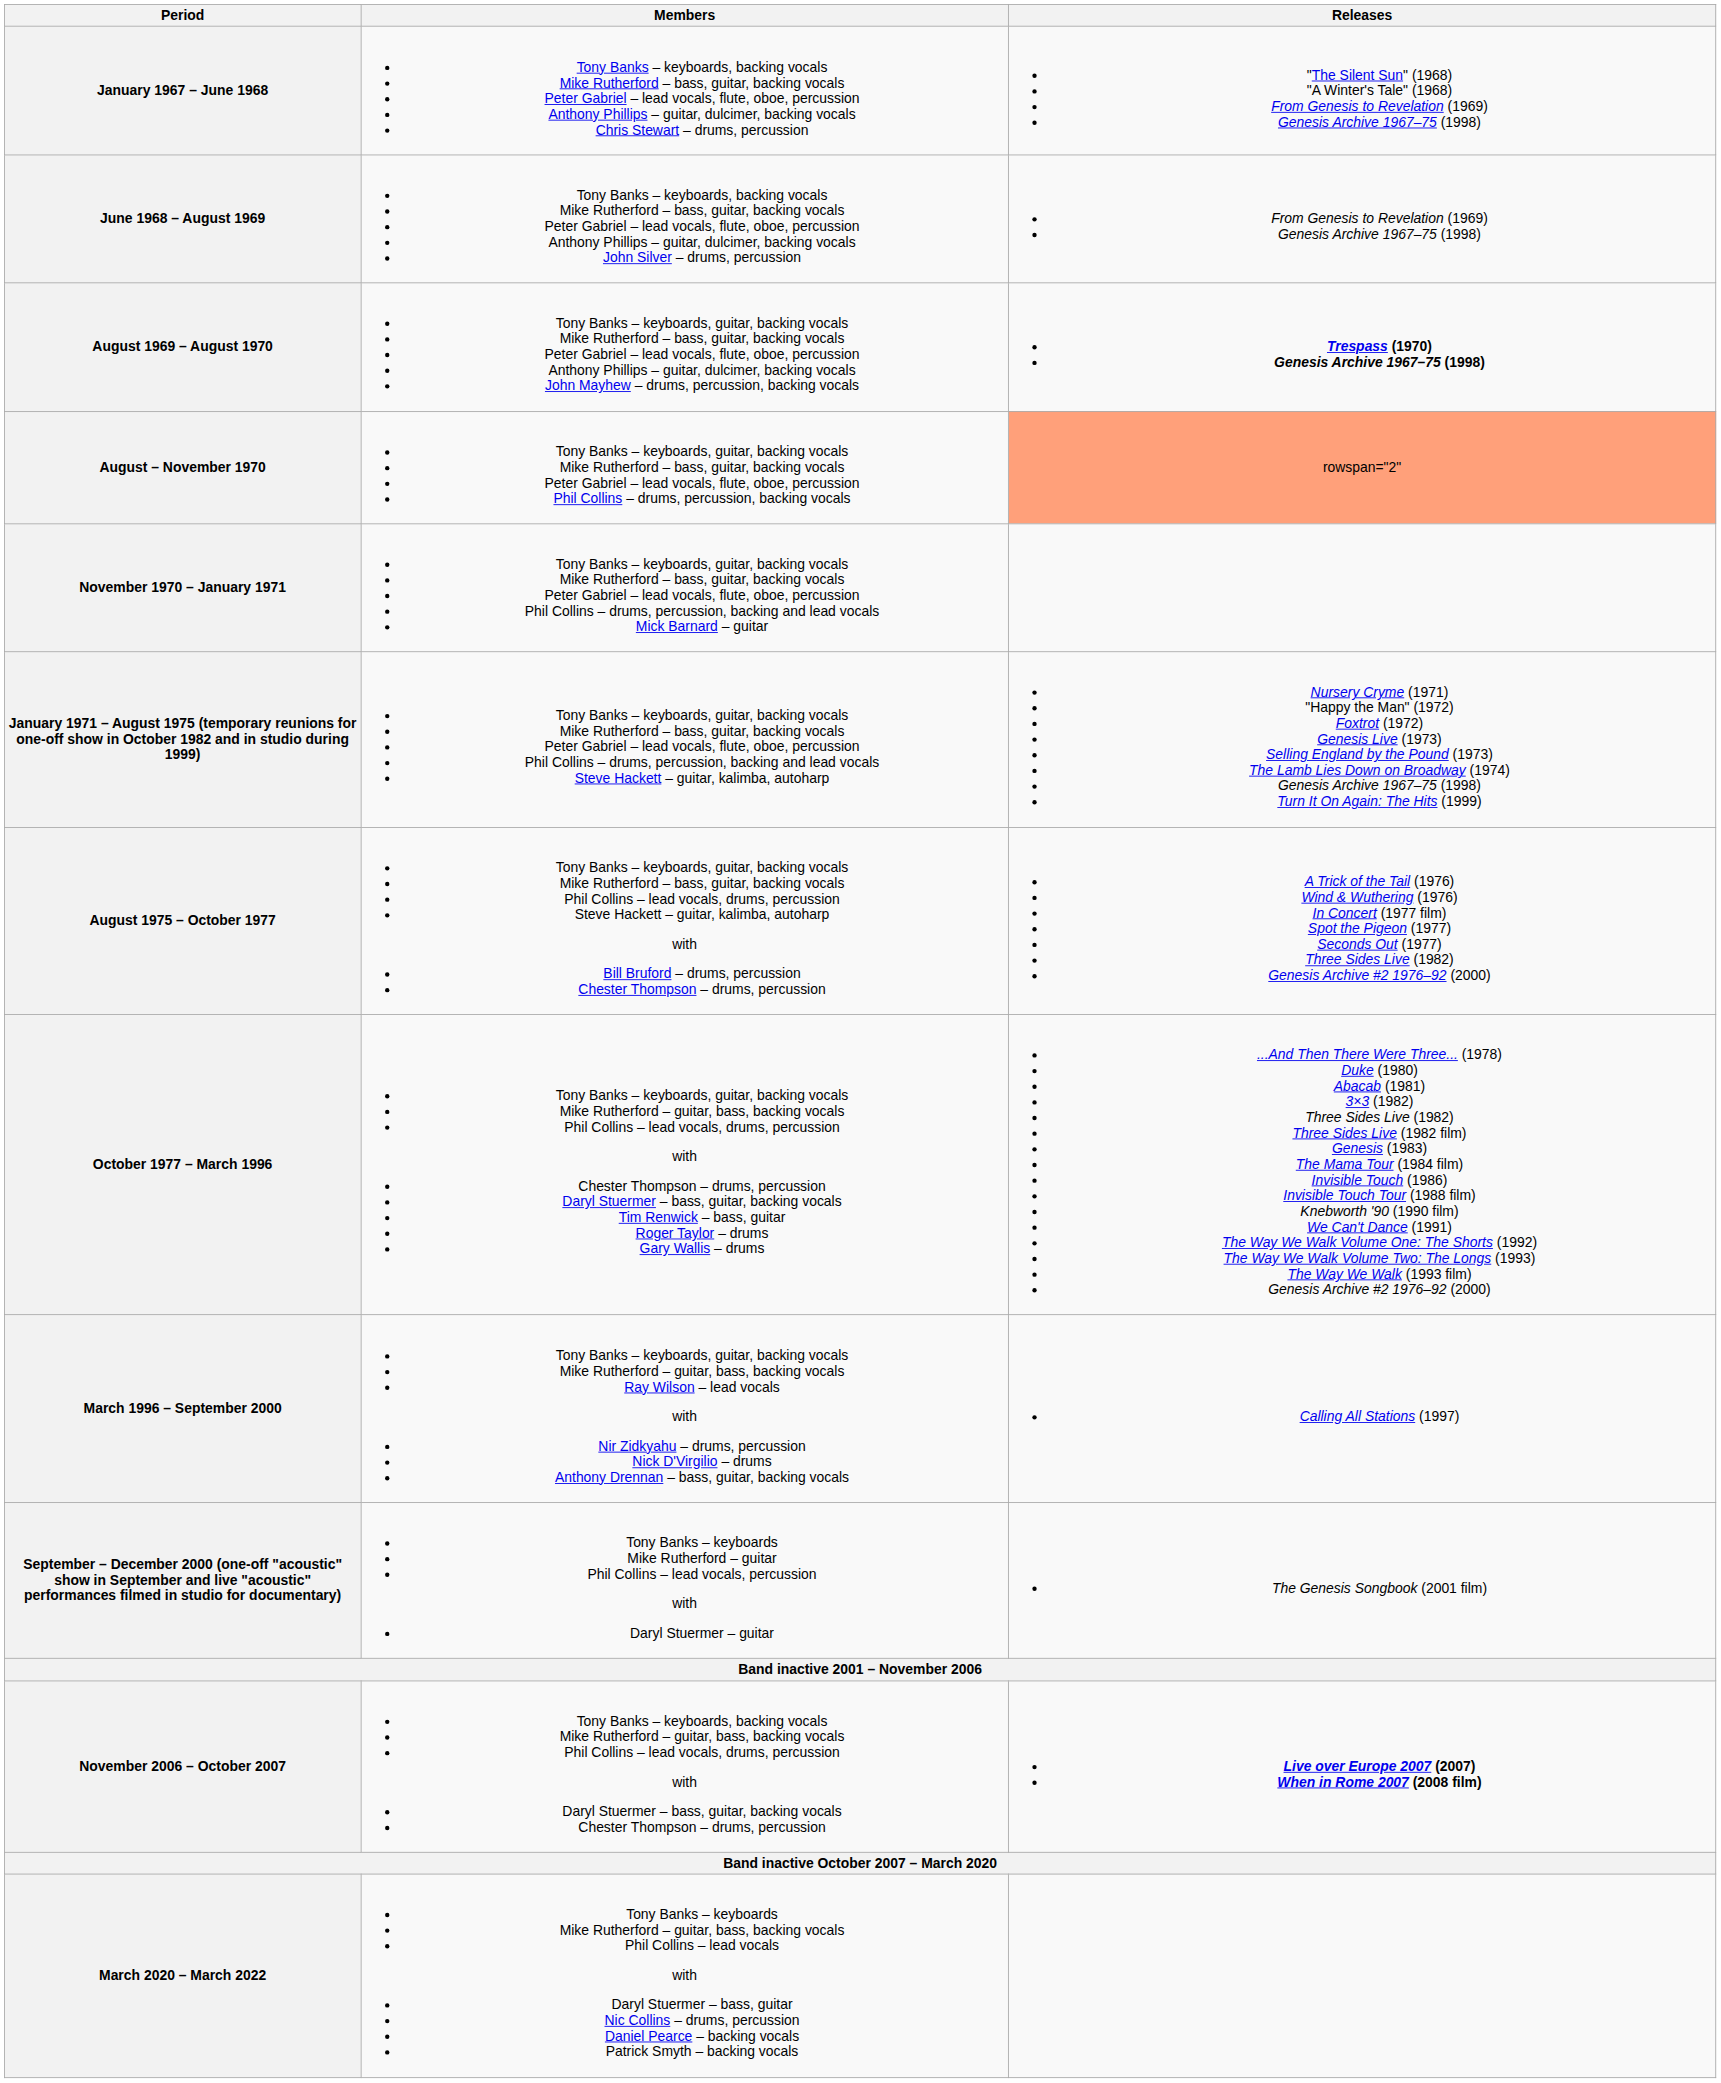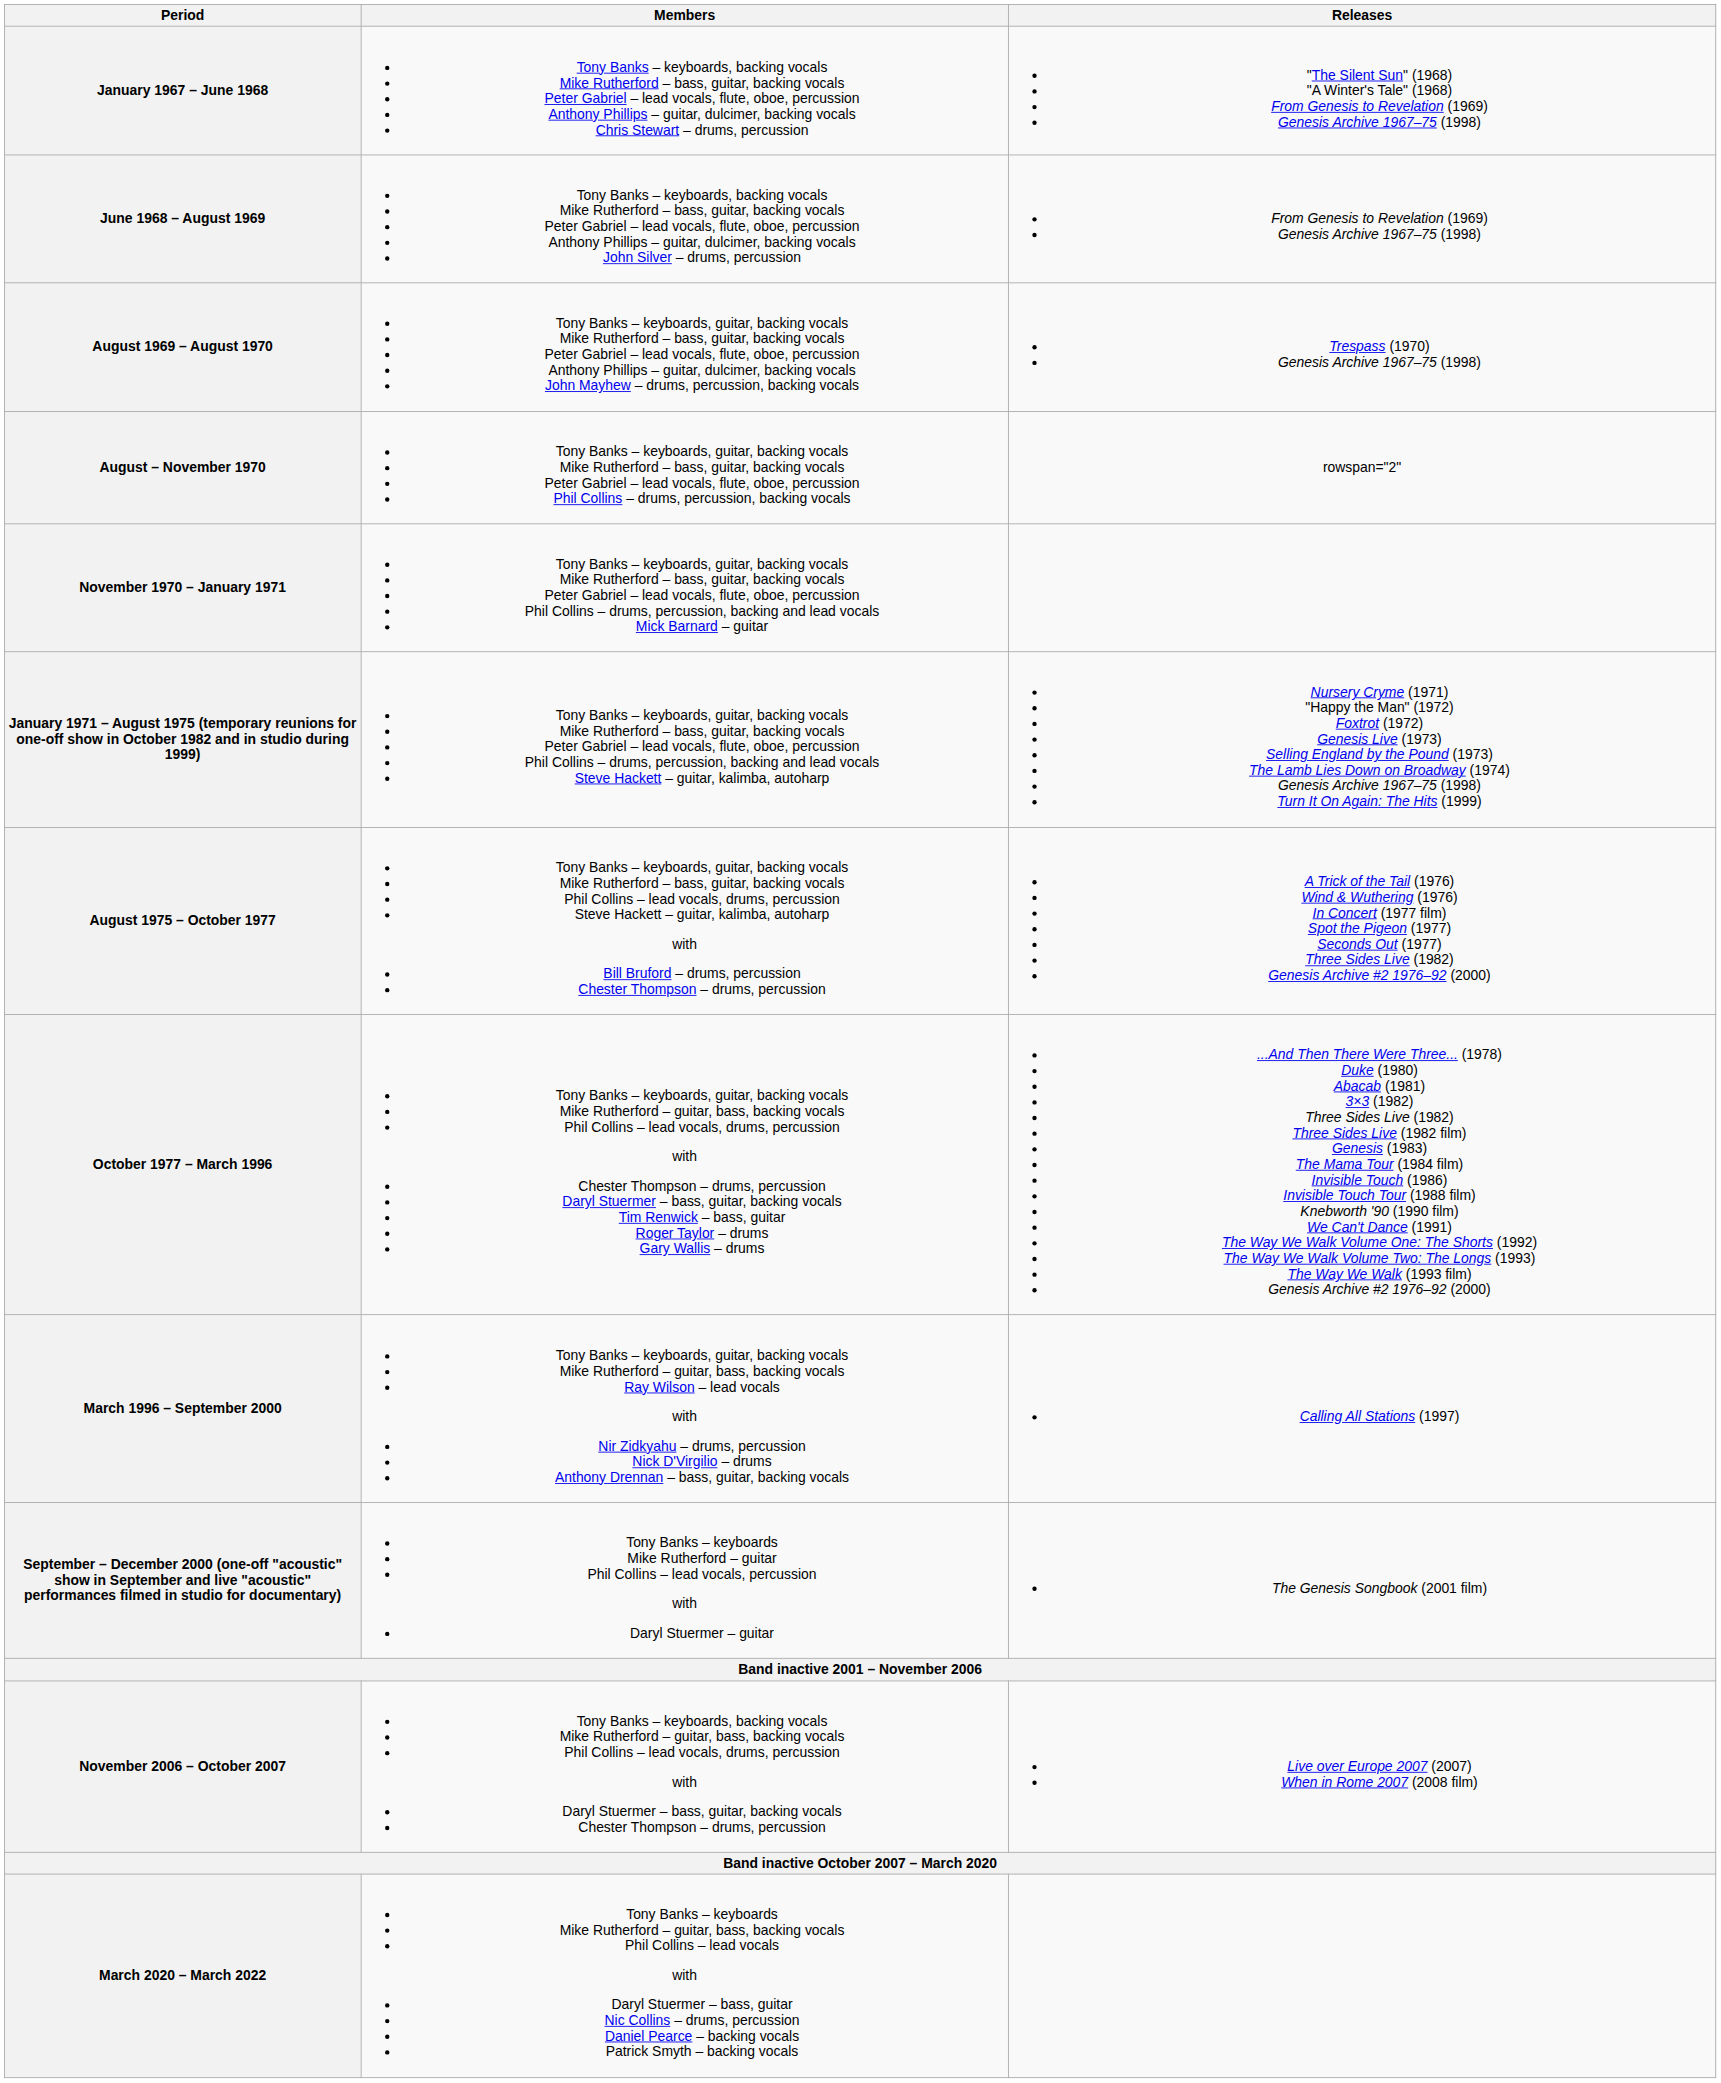 <table class="wikitable plainrowheaders" style="text-align:center;">
 <tr>
 <th scope="col" style="width:28em;">Period</th>
 <th scope="col" style="width:52em;">Members</th>
 <th scope="col" style="width:57em;">Releases</th>
 </tr>
 <tr>
 <th scope="col">January 1967 – June 1968</th>
 <td><br><ul><li><a href='#'>Tony Banks</a> – keyboards, backing vocals</li><li><a href='#'>Mike Rutherford</a> – bass, guitar, backing vocals</li><li><a href='#'>Peter Gabriel</a> – lead vocals, flute, oboe, percussion</li><li><a href='#'>Anthony Phillips</a> – guitar, dulcimer, backing vocals</li><li><a href='#'>Chris Stewart</a> – drums, percussion</li></ul></td>
 <td><br><ul><li>"<a href='#'>The Silent Sun</a>" (1968)</li><li>"A Winter's Tale" (1968)</li><li><em><a href='#'>From Genesis to Revelation</a></em> (1969) </li><li><em><a href='#'>Genesis Archive 1967–75</a></em> (1998) </li></ul></td>
 </tr>
 <tr>
 <th scope="col">June 1968 – August 1969</th>
 <td><br><ul><li>Tony Banks – keyboards, backing vocals</li><li>Mike Rutherford – bass, guitar, backing vocals</li><li>Peter Gabriel – lead vocals, flute, oboe, percussion</li><li>Anthony Phillips – guitar, dulcimer, backing vocals</li><li><a href='#'>John Silver</a> – drums, percussion</li></ul></td>
 <td><br><ul><li><em>From Genesis to Revelation</em> (1969) </li><li><em>Genesis Archive 1967–75</em> (1998) </li></ul></td>
 </tr>
 <tr>
 <th scope="col">August 1969 – August 1970</th>
 <td><br><ul><li>Tony Banks – keyboards, guitar, backing vocals</li><li>Mike Rutherford – bass, guitar, backing vocals</li><li>Peter Gabriel – lead vocals, flute, oboe, percussion</li><li>Anthony Phillips – guitar, dulcimer, backing vocals</li><li><a href='#'>John Mayhew</a> – drums, percussion, backing vocals</li></ul></td>
-<td><strong><br><ul><li><em><a href='#'>Trespass</a></em> (1970)</li><li><em>Genesis Archive 1967–75</em> (1998) </li></ul></strong></td>
+<td><br><ul><li><em><a href='#'>Trespass</a></em> (1970)</li><li><em>Genesis Archive 1967–75</em> (1998) </li></ul></td>
 </tr>
 <tr>
 <th scope="col">August – November 1970</th>
 <td><br><ul><li>Tony Banks – keyboards, guitar, backing vocals</li><li>Mike Rutherford – bass, guitar, backing vocals</li><li>Peter Gabriel – lead vocals, flute, oboe, percussion</li><li><a href='#'>Phil Collins</a> – drums, percussion, backing vocals</li></ul></td>
-<td style="background: lightsalmon;">rowspan="2" </td>
+<td>rowspan="2" </td>
 </tr>
 <tr>
 <th scope="col">November 1970 – January 1971</th>
 <td><br><ul><li>Tony Banks – keyboards, guitar, backing vocals</li><li>Mike Rutherford – bass, guitar, backing vocals</li><li>Peter Gabriel – lead vocals, flute, oboe, percussion</li><li>Phil Collins – drums, percussion, backing and lead vocals</li><li><a href='#'>Mick Barnard</a> – guitar</li></ul></td>
 </tr>
 <tr>
 <th scope="col">January 1971 – August 1975 (temporary reunions for one-off show in October 1982 and in studio during 1999)</th>
 <td><br><ul><li>Tony Banks – keyboards, guitar, backing vocals</li><li>Mike Rutherford – bass, guitar, backing vocals</li><li>Peter Gabriel – lead vocals, flute, oboe, percussion</li><li>Phil Collins – drums, percussion, backing and lead vocals</li><li><a href='#'>Steve Hackett</a> – guitar, kalimba, autoharp</li></ul></td>
 <td><br><ul><li><em><a href='#'>Nursery Cryme</a></em> (1971)</li><li>"Happy the Man" (1972)</li><li><em><a href='#'>Foxtrot</a></em> (1972)</li><li><em><a href='#'>Genesis Live</a></em> (1973)</li><li><em><a href='#'>Selling England by the Pound</a></em> (1973)</li><li><em><a href='#'>The Lamb Lies Down on Broadway</a></em> (1974)</li><li><em>Genesis Archive 1967–75</em> (1998) </li><li><em><a href='#'>Turn It On Again: The Hits</a></em> (1999) </li></ul></td>
 </tr>
 <tr>
 <th scope="col">August 1975 – October 1977</th>
 <td><br><ul><li>Tony Banks – keyboards, guitar, backing vocals</li><li>Mike Rutherford – bass, guitar, backing vocals</li><li>Phil Collins – lead vocals, drums, percussion</li><li>Steve Hackett – guitar, kalimba, autoharp</li></ul>with<ul><li><a href='#'>Bill Bruford</a> – drums, percussion </li><li><a href='#'>Chester Thompson</a> – drums, percussion </li></ul></td>
 <td><br><ul><li><em><a href='#'>A Trick of the Tail</a></em> (1976)</li><li><em><a href='#'>Wind & Wuthering</a></em> (1976)</li><li><em><a href='#'>In Concert</a></em> (1977 film) </li><li><em><a href='#'>Spot the Pigeon</a></em> (1977)</li><li><em><a href='#'>Seconds Out</a></em> (1977) </li><li><em><a href='#'>Three Sides Live</a></em> (1982) </li><li><em><a href='#'>Genesis Archive #2 1976–92</a></em> (2000) </li></ul></td>
 </tr>
 <tr>
 <th scope="col">October 1977 – March 1996</th>
 <td><br><ul><li>Tony Banks – keyboards, guitar, backing vocals</li><li>Mike Rutherford – guitar, bass, backing vocals</li><li>Phil Collins – lead vocals, drums, percussion</li></ul>with<ul><li>Chester Thompson – drums, percussion </li><li><a href='#'>Daryl Stuermer</a> – bass, guitar, backing vocals </li><li><a href='#'>Tim Renwick</a> – bass, guitar </li><li><a href='#'>Roger Taylor</a> – drums </li><li><a href='#'>Gary Wallis</a> – drums </li></ul></td>
 <td><br><ul><li><em><a href='#'>...And Then There Were Three...</a></em> (1978)</li><li><em><a href='#'>Duke</a></em> (1980)</li><li><em><a href='#'>Abacab</a></em> (1981)</li><li><em><a href='#'>3×3</a></em> (1982)</li><li><em>Three Sides Live</em> (1982) </li><li><em><a href='#'>Three Sides Live</a></em> (1982 film) </li><li><em><a href='#'>Genesis</a></em> (1983)</li><li><em><a href='#'>The Mama Tour</a></em> (1984 film) </li><li><em><a href='#'>Invisible Touch</a></em> (1986)</li><li><em><a href='#'>Invisible Touch Tour</a></em> (1988 film) </li><li><em>Knebworth '90</em> (1990 film) </li><li><em><a href='#'>We Can't Dance</a></em> (1991)</li><li><em><a href='#'>The Way We Walk Volume One: The Shorts</a></em> (1992) </li><li><em><a href='#'>The Way We Walk Volume Two: The Longs</a></em> (1993) </li><li><em> <a href='#'>The Way We Walk</a></em> (1993 film) </li><li><em>Genesis Archive #2 1976–92</em> (2000) </li></ul></td>
 </tr>
 <tr>
 <th scope="col">March 1996 – September 2000</th>
 <td><br><ul><li>Tony Banks – keyboards, guitar, backing vocals</li><li>Mike Rutherford – guitar, bass, backing vocals</li><li><a href='#'>Ray Wilson</a> – lead vocals</li></ul>with<ul><li><a href='#'>Nir Zidkyahu</a> – drums, percussion </li><li><a href='#'>Nick D'Virgilio</a> – drums </li><li><a href='#'>Anthony Drennan</a> – bass, guitar, backing vocals </li></ul></td>
 <td><br><ul><li><em><a href='#'>Calling All Stations</a></em> (1997) </li></ul></td>
 </tr>
 <tr>
 <th scope="col">September – December 2000 (one-off "acoustic" show in September and live "acoustic" performances filmed in studio for documentary)</th>
 <td><br><ul><li>Tony Banks – keyboards</li><li>Mike Rutherford – guitar</li><li>Phil Collins – lead vocals, percussion</li></ul>with<ul><li>Daryl Stuermer – guitar </li></ul></td>
 <td><br><ul><li><em>The Genesis Songbook</em> (2001 film) </li></ul></td>
 </tr>
 <tr>
 <th scope="col" colspan="3">Band inactive 2001 – November 2006</th>
 </tr>
 <tr>
 <th scope="col">November 2006 – October 2007</th>
 <td><br><ul><li>Tony Banks – keyboards, backing vocals</li><li>Mike Rutherford – guitar, bass, backing vocals</li><li>Phil Collins – lead vocals, drums, percussion</li></ul>with<ul><li>Daryl Stuermer – bass, guitar, backing vocals </li><li>Chester Thompson – drums, percussion </li></ul></td>
-<td><strong><br><ul><li><em><a href='#'>Live over Europe 2007</a></em> (2007) </li><li><em><a href='#'>When in Rome 2007</a></em> (2008 film) </li></ul></strong></td>
+<td><br><ul><li><em><a href='#'>Live over Europe 2007</a></em> (2007) </li><li><em><a href='#'>When in Rome 2007</a></em> (2008 film) </li></ul></td>
 </tr>
 <tr>
 <th scope="col" colspan="3">Band inactive October 2007 – March 2020</th>
 </tr>
 <tr>
 <th scope="col">March 2020 – March 2022</th>
 <td><br><ul><li>Tony Banks – keyboards</li><li>Mike Rutherford – guitar, bass, backing vocals</li><li>Phil Collins – lead vocals</li></ul>with<ul><li>Daryl Stuermer – bass, guitar </li><li><a href='#'>Nic Collins</a> – drums, percussion </li><li><a href='#'>Daniel Pearce</a> – backing vocals </li><li>Patrick Smyth – backing vocals </li></ul></td>
 <td></td>
 </tr>
 </table>
